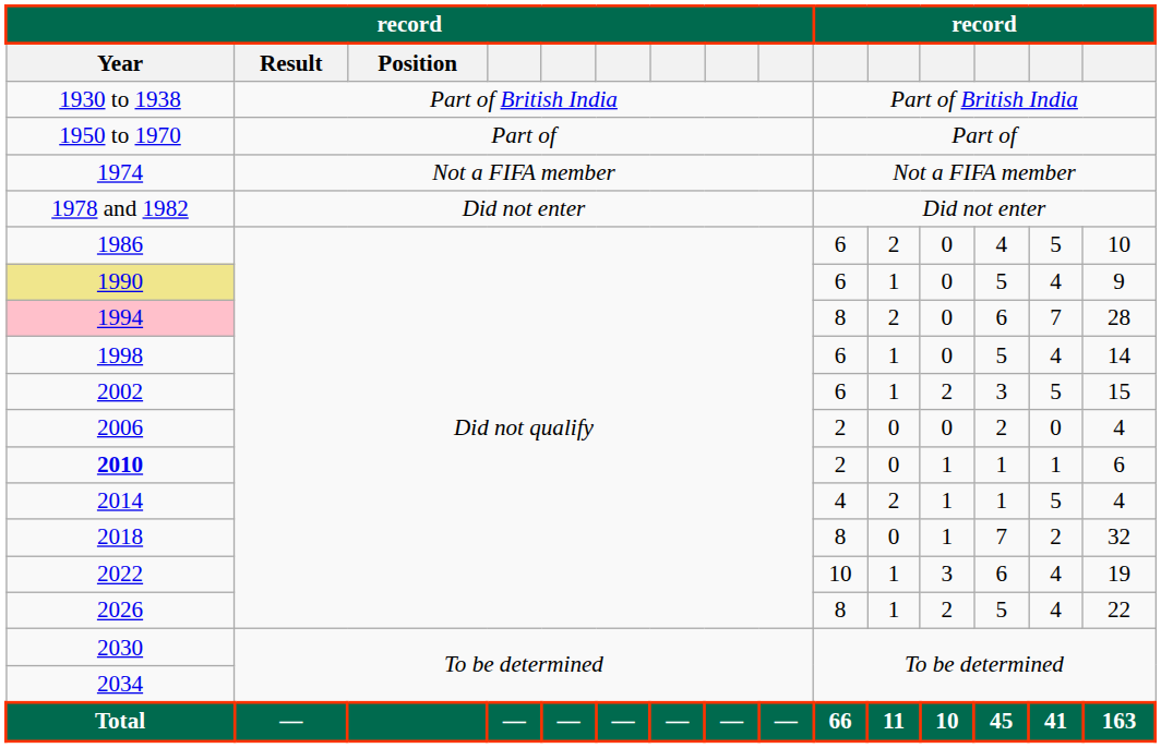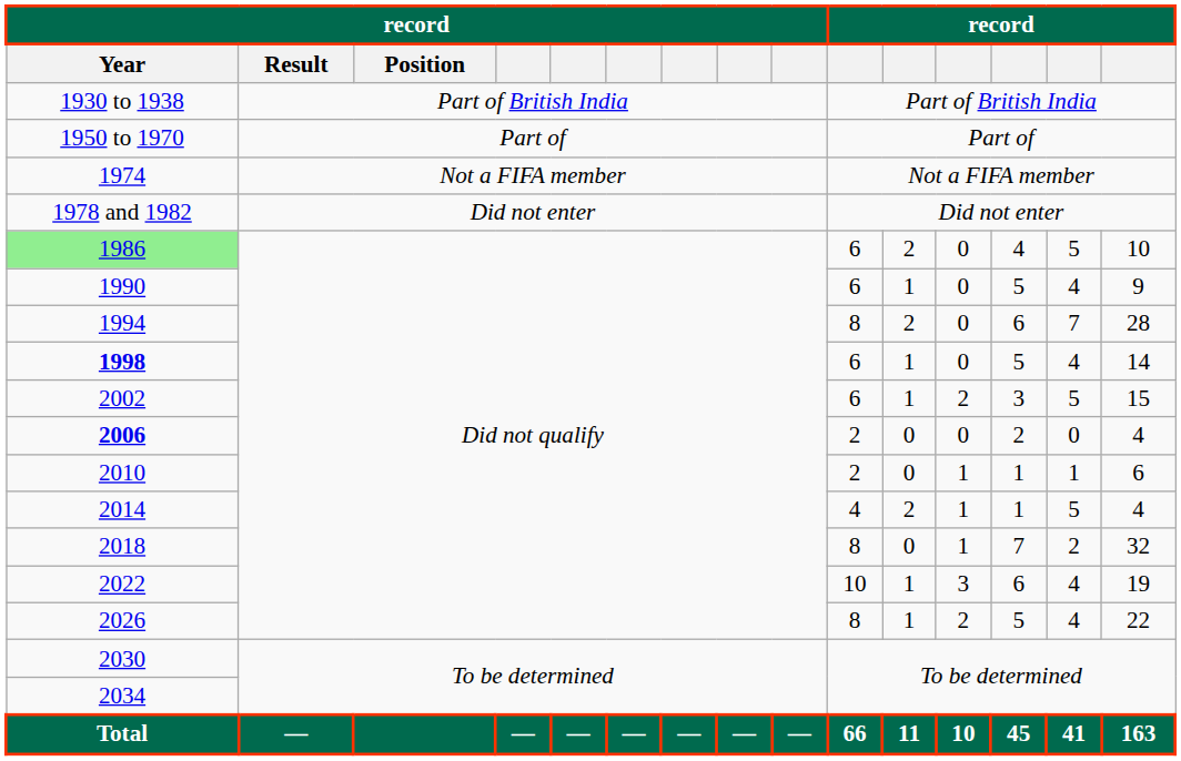 <table class="wikitable" style="text-align: center; width: 800px">
 <tr>
 <th colspan=9 style="background: #006a4e;border: 2px solid #ff3300;color: #FFFFFF;"><a href='#'></a> record</th>
 <th colspan=7 style="background: #006a4e;border: 2px solid #ff3300;color: #FFFFFF;"><a href='#'></a> record</th>
 </tr>
 <tr>
 <th>Year</th>
 <th>Result</th>
 <th>Position</th>
 <th></th>
 <th></th>
 <th></th>
 <th></th>
 <th></th>
 <th></th>
 <th></th>
 <th></th>
 <th></th>
 <th></th>
 <th></th>
 <th></th>
 </tr>
 <tr>
 <td><a href='#'>1930</a> to <a href='#'>1938</a></td>
 <td colspan=8><em>Part of  <a href='#'>British India</a></em></td>
 <td colspan=6><em>Part of  <a href='#'>British India</a></em></td>
 </tr>
 <tr>
 <td><a href='#'>1950</a> to <a href='#'>1970</a></td>
 <td colspan=8><em>Part of </em></td>
 <td colspan=6><em>Part of </em></td>
 </tr>
 <tr>
 <td> <a href='#'>1974</a></td>
 <td colspan=8><em>Not a FIFA member</em></td>
 <td colspan=6><em>Not a FIFA member</em></td>
 </tr>
 <tr>
 <td><a href='#'>1978</a> and <a href='#'>1982</a></td>
 <td colspan=8><em>Did not enter</em></td>
 <td colspan=6><em>Did not enter</em></td>
 </tr>
 <tr>
-<td> <a href='#'>1986</a></td>
+<td style="background: lightgreen;"> <a href='#'>1986</a></td>
 <td rowspan=11 colspan=8><em>Did not qualify</em></td>
 <td>6</td>
 <td>2</td>
 <td>0</td>
 <td>4</td>
 <td>5</td>
 <td>10</td>
 </tr>
 <tr>
-<td style="background: khaki;"> <a href='#'>1990</a></td>
+<td> <a href='#'>1990</a></td>
 <td>6</td>
 <td>1</td>
 <td>0</td>
 <td>5</td>
 <td>4</td>
 <td>9</td>
 </tr>
 <tr>
-<td style="background: pink;"> <a href='#'>1994</a></td>
+<td> <a href='#'>1994</a></td>
 <td>8</td>
 <td>2</td>
 <td>0</td>
 <td>6</td>
 <td>7</td>
 <td>28</td>
 </tr>
 <tr>
-<td> <a href='#'>1998</a></td>
+<td><strong> <a href='#'>1998</a></strong></td>
 <td>6</td>
 <td>1</td>
 <td>0</td>
 <td>5</td>
 <td>4</td>
 <td>14</td>
 </tr>
 <tr>
 <td>  <a href='#'>2002</a></td>
 <td>6</td>
 <td>1</td>
 <td>2</td>
 <td>3</td>
 <td>5</td>
 <td>15</td>
 </tr>
 <tr>
-<td> <a href='#'>2006</a></td>
+<td><strong> <a href='#'>2006</a></strong></td>
 <td>2</td>
 <td>0</td>
 <td>0</td>
 <td>2</td>
 <td>0</td>
 <td>4</td>
 </tr>
 <tr>
-<td><strong> <a href='#'>2010</a></strong></td>
+<td> <a href='#'>2010</a></td>
 <td>2</td>
 <td>0</td>
 <td>1</td>
 <td>1</td>
 <td>1</td>
 <td>6</td>
 </tr>
 <tr>
 <td> <a href='#'>2014</a></td>
 <td>4</td>
 <td>2</td>
 <td>1</td>
 <td>1</td>
 <td>5</td>
 <td>4</td>
 </tr>
 <tr>
 <td> <a href='#'>2018</a></td>
 <td>8</td>
 <td>0</td>
 <td>1</td>
 <td>7</td>
 <td>2</td>
 <td>32</td>
 </tr>
 <tr>
 <td> <a href='#'>2022</a></td>
 <td>10</td>
 <td>1</td>
 <td>3</td>
 <td>6</td>
 <td>4</td>
 <td>19</td>
 </tr>
 <tr>
 <td>   <a href='#'>2026</a></td>
 <td>8</td>
 <td>1</td>
 <td>2</td>
 <td>5</td>
 <td>4</td>
 <td>22</td>
 </tr>
 <tr>
 <td>   <a href='#'>2030</a></td>
 <td colspan=8 rowspan=2><em>To be determined</em></td>
 <td colspan=8 rowspan=2><em>To be determined</em></td>
 </tr>
 <tr>
 <td> <a href='#'>2034</a></td>
 </tr>
 <tr>
 <td style="background: #006a4e;border: 2px solid #ff3300;color:white; "><strong>Total</strong></td>
 <td style="background: #006a4e;border: 2px solid #ff3300;color:white; "><strong>—</strong></td>
 <td style="background: #006a4e;border: 2px solid #ff3300;color:white; "></td>
 <td style="background: #006a4e;border: 2px solid #ff3300;color:white; "><strong>—</strong></td>
 <td style="background: #006a4e;border: 2px solid #ff3300;color:white; "><strong>—</strong></td>
 <td style="background: #006a4e;border: 2px solid #ff3300;color:white; "><strong>—</strong></td>
 <td style="background: #006a4e;border: 2px solid #ff3300;color:white; "><strong>—</strong></td>
 <td style="background: #006a4e;border: 2px solid #ff3300;color:white; "><strong>—</strong></td>
 <td style="background: #006a4e;border: 2px solid #ff3300;color:white; "><strong>—</strong></td>
 <td style="background: #006a4e;border: 2px solid #ff3300;color:white; "><strong>66</strong></td>
 <td style="background: #006a4e;border: 2px solid #ff3300;color:white; "><strong>11</strong></td>
 <td style="background: #006a4e;border: 2px solid #ff3300;color:white; "><strong>10</strong></td>
 <td style="background: #006a4e;border: 2px solid #ff3300;color:white; "><strong>45</strong></td>
 <td style="background: #006a4e;border: 2px solid #ff3300;color:white; "><strong>41</strong></td>
 <td style="background: #006a4e;border: 2px solid #ff3300;color:white; "><strong>163</strong></td>
 </tr>
 </table>
